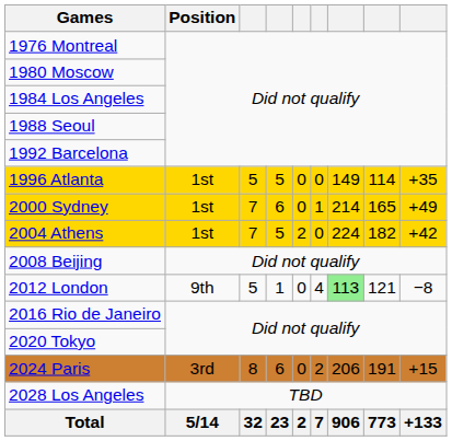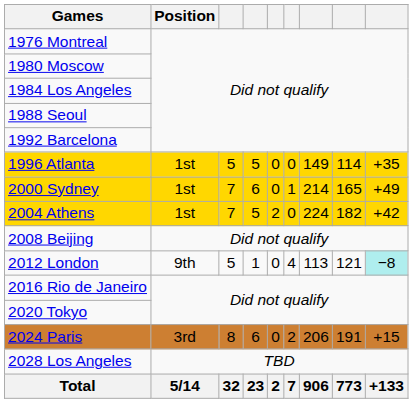 <table class="wikitable" style="text-align:center;">
 <tr>
 <th>Games</th>
 <th>Position</th>
 <th></th>
 <th></th>
 <th></th>
 <th></th>
 <th></th>
 <th></th>
 <th></th>
 </tr>
 <tr>
 <td align=left> <a href='#'>1976 Montreal</a></td>
 <td colspan="8" rowspan=5><em>Did not qualify</em></td>
 </tr>
 <tr>
 <td align=left> <a href='#'>1980 Moscow</a></td>
 </tr>
 <tr>
 <td align=left> <a href='#'>1984 Los Angeles</a></td>
 </tr>
 <tr>
 <td align=left> <a href='#'>1988 Seoul</a></td>
 </tr>
 <tr>
 <td align=left> <a href='#'>1992 Barcelona</a></td>
 </tr>
 <tr style="background: gold">
 <td align=left> <a href='#'>1996 Atlanta</a></td>
 <td>1st</td>
 <td>5</td>
 <td>5</td>
 <td>0</td>
 <td>0</td>
 <td>149</td>
 <td>114</td>
 <td>+35</td>
 </tr>
 <tr style="background: gold">
 <td align=left> <a href='#'>2000 Sydney</a></td>
 <td>1st</td>
 <td>7</td>
 <td>6</td>
 <td>0</td>
 <td>1</td>
 <td>214</td>
 <td>165</td>
 <td>+49</td>
 </tr>
 <tr style="background: gold">
 <td align=left> <a href='#'>2004 Athens</a></td>
 <td>1st</td>
 <td>7</td>
 <td>5</td>
 <td>2</td>
 <td>0</td>
 <td>224</td>
 <td>182</td>
 <td>+42</td>
 </tr>
 <tr>
 <td align=left> <a href='#'>2008 Beijing</a></td>
 <td colspan="8"><em>Did not qualify</em></td>
 </tr>
 <tr>
 <td align=left> <a href='#'>2012 London</a></td>
 <td>9th</td>
 <td>5</td>
 <td>1</td>
 <td>0</td>
 <td>4</td>
-<td style="background: lightgreen;">113</td>
+<td>113</td>
 <td>121</td>
-<td>−8</td>
+<td style="background: paleturquoise;">−8</td>
 </tr>
 <tr>
 <td align=left> <a href='#'>2016 Rio de Janeiro</a></td>
 <td colspan="8" rowspan=2><em>Did not qualify</em></td>
 </tr>
 <tr>
 <td align=left> <a href='#'>2020 Tokyo</a></td>
 </tr>
 <tr bgcolor=CD7F32>
 <td align=left> <a href='#'>2024 Paris</a></td>
 <td>3rd</td>
 <td>8</td>
 <td>6</td>
 <td>0</td>
 <td>2</td>
 <td>206</td>
 <td>191</td>
 <td>+15</td>
 </tr>
 <tr>
 <td align=left> <a href='#'>2028 Los Angeles</a></td>
 <td colspan="8"><em>TBD</em></td>
 </tr>
 <tr>
 <th>Total</th>
 <th>5/14</th>
 <th>32</th>
 <th>23</th>
 <th>2</th>
 <th>7</th>
 <th>906</th>
 <th>773</th>
 <th>+133</th>
 </tr>
 </table>
